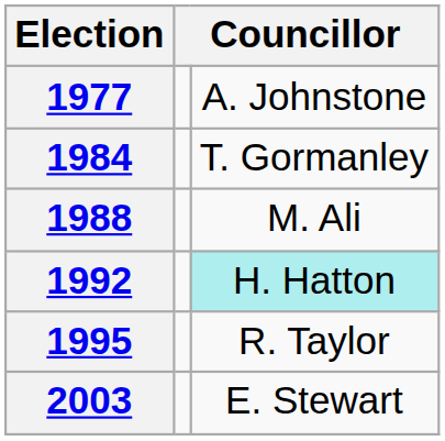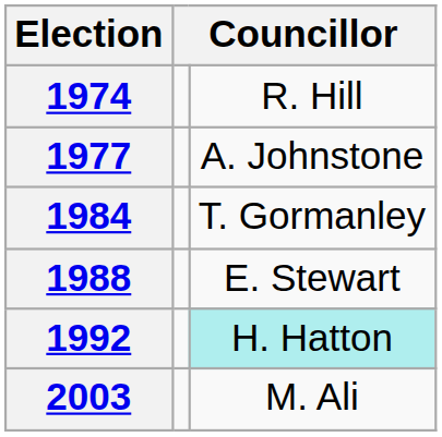 <table class="wikitable" style="text-align:center">
 <tr>
 <th>Election</th>
 <th colspan=2>Councillor</th>
+</tr>
+<tr>
+<th><a href='#'>1974</a></th>
+<td style="background-color: "></td>
+<td>R. Hill</td>
 </tr>
 <tr>
 <th><a href='#'>1977</a></th>
 <td style="background-color: "></td>
 <td>A. Johnstone</td>
 </tr>
 <tr>
 <th><a href='#'>1984</a></th>
 <td style="background-color: "></td>
 <td>T. Gormanley</td>
 </tr>
 <tr>
 <th><a href='#'>1988</a></th>
 <td style="background-color: "></td>
-<td>M. Ali</td>
+<td>E. Stewart</td>
 </tr>
 <tr>
 <th><a href='#'>1992</a></th>
 <td style="background-color: "></td>
 <td style="background: paleturquoise;">H. Hatton</td>
 </tr>
 <tr>
-<th><a href='#'>1995</a></th>
-<td style="background-color: "></td>
-<td>R. Taylor</td>
-</tr>
-<tr>
 <th><a href='#'>2003</a></th>
 <td style="background-color: "></td>
-<td>E. Stewart</td>
+<td>M. Ali</td>
 </tr>
 </table>
